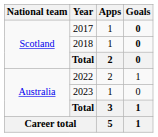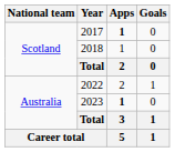 <table class=wikitable style=text-align:center>
 <tr>
 <th>National team</th>
 <th>Year</th>
 <th>Apps</th>
 <th>Goals</th>
 </tr>
 <tr>
 <td rowspan=3><a href='#'>Scotland</a></td>
 <td>2017</td>
-<td>1</td>
-<td><strong>0</strong></td>
+<td><strong>1</strong></td>
+<td>0</td>
 </tr>
 <tr>
 <td>2018</td>
 <td>1</td>
-<td><strong>0</strong></td>
+<td>0</td>
 </tr>
 <tr>
 <th>Total</th>
 <th>2</th>
 <th>0</th>
 </tr>
 <tr>
 <td rowspan="3"><a href='#'>Australia</a></td>
 <td>2022</td>
 <td>2</td>
 <td>1</td>
 </tr>
 <tr>
 <td>2023</td>
-<td>1</td>
+<td><strong>1</strong></td>
 <td>0</td>
 </tr>
 <tr>
 <th>Total</th>
 <th>3</th>
 <th>1</th>
 </tr>
 <tr>
 <th colspan=2>Career total</th>
 <th>5</th>
 <th>1</th>
 </tr>
 </table>
